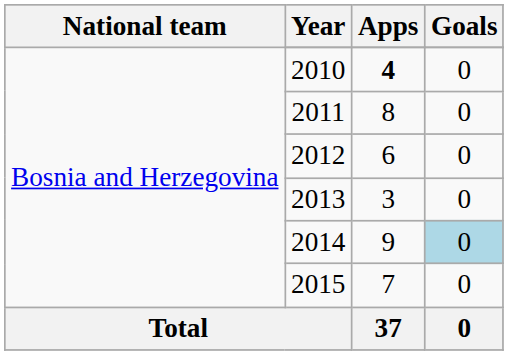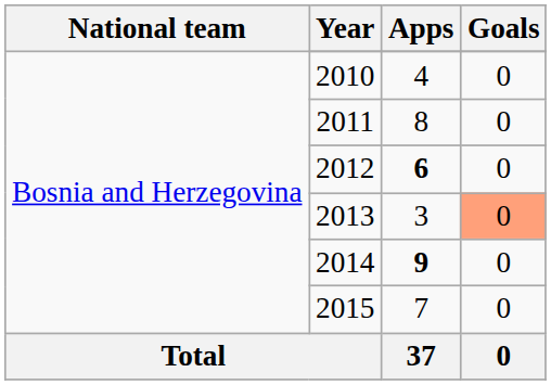 <table class="wikitable" style="text-align:center">
 <tr>
 <th>National team</th>
 <th>Year</th>
 <th>Apps</th>
 <th>Goals</th>
 </tr>
 <tr>
 <td rowspan=7><a href='#'>Bosnia and Herzegovina</a></td>
 </tr>
 <tr>
 <td>2010</td>
-<td><strong>4</strong></td>
+<td>4</td>
 <td>0</td>
 </tr>
 <tr>
 <td>2011</td>
 <td>8</td>
 <td>0</td>
 </tr>
 <tr>
 <td>2012</td>
-<td>6</td>
+<td><strong>6</strong></td>
 <td>0</td>
 </tr>
 <tr>
 <td>2013</td>
 <td>3</td>
-<td>0</td>
+<td style="background: lightsalmon;">0</td>
 </tr>
 <tr>
 <td>2014</td>
-<td>9</td>
-<td style="background: lightblue;">0</td>
+<td><strong>9</strong></td>
+<td>0</td>
 </tr>
 <tr>
 <td>2015</td>
 <td>7</td>
 <td>0</td>
 </tr>
 <tr>
 <th colspan=2>Total</th>
 <th>37</th>
 <th>0</th>
 </tr>
 </table>
